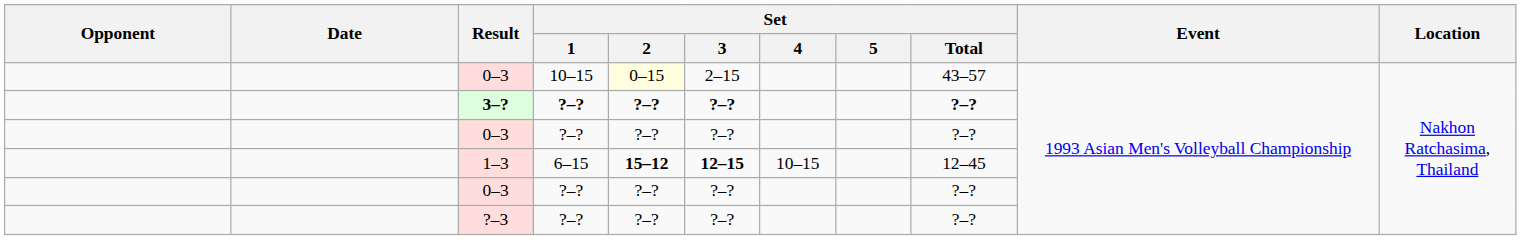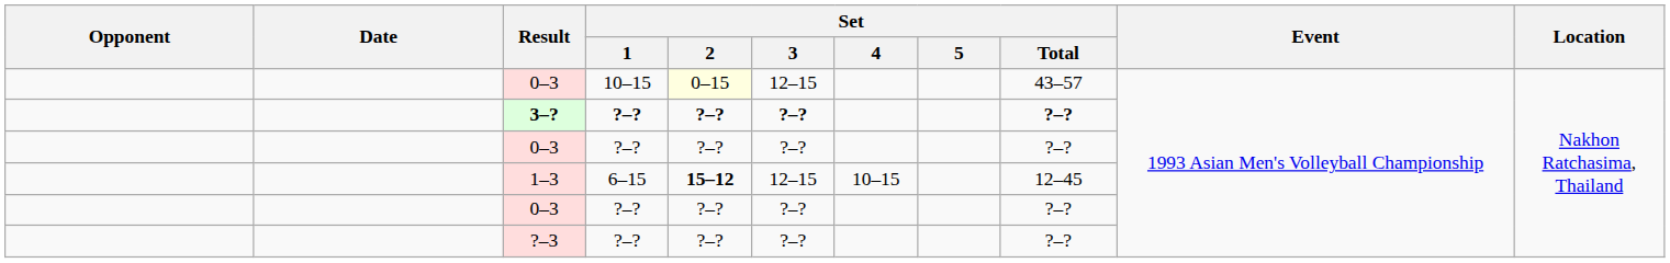 <table class="wikitable" style="font-size: 90%">
 <tr>
 <th rowspan=2 width=15%>Opponent</th>
 <th rowspan=2 width=15%>Date</th>
 <th rowspan=2 width=5%>Result</th>
 <th colspan=6>Set</th>
 <th rowspan=2 width=24%>Event</th>
 <th rowspan=2 width=16%>Location</th>
 </tr>
 <tr>
 <th width=5%>1</th>
 <th width=5%>2</th>
 <th width=5%>3</th>
 <th width=5%>4</th>
 <th width=5%>5</th>
 <th width=7%>Total</th>
 </tr>
 <tr style="text-align:center;">
 <td style="text-align:left;"></td>
 <td></td>
 <td style="background:#ffdddd;">0–3</td>
 <td>10–15</td>
 <td style="background: lightyellow;">0–15</td>
-<td>2–15</td>
+<td>12–15</td>
 <td></td>
 <td></td>
 <td>43–57</td>
 <td rowspan=6><a href='#'>1993 Asian Men's Volleyball Championship</a></td>
 <td rowspan=6><a href='#'>Nakhon Ratchasima</a>, <a href='#'>Thailand</a></td>
 </tr>
 <tr style="text-align:center;">
 <td style="text-align:left;"></td>
 <td></td>
 <td style="background:#ddffdd;"><strong>3–?</strong></td>
 <td><strong>?–?</strong></td>
 <td><strong>?–?</strong></td>
 <td><strong>?–?</strong></td>
 <td></td>
 <td></td>
 <td><strong>?–?</strong></td>
 </tr>
 <tr style="text-align:center;">
 <td style="text-align:left;"></td>
 <td></td>
 <td style="background:#ffdddd;">0–3</td>
 <td>?–?</td>
 <td>?–?</td>
 <td>?–?</td>
 <td></td>
 <td></td>
 <td>?–?</td>
 </tr>
 <tr style="text-align:center;">
 <td style="text-align:left;"></td>
 <td></td>
 <td style="background:#ffdddd;">1–3</td>
 <td>6–15</td>
 <td><strong>15–12</strong></td>
-<td><strong>12–15</strong></td>
+<td>12–15</td>
 <td>10–15</td>
 <td></td>
 <td>12–45</td>
 </tr>
 <tr style="text-align:center;">
 <td style="text-align:left;"></td>
 <td></td>
 <td style="background:#ffdddd;">0–3</td>
 <td>?–?</td>
 <td>?–?</td>
 <td>?–?</td>
 <td></td>
 <td></td>
 <td>?–?</td>
 </tr>
 <tr style="text-align:center;">
 <td style="text-align:left;"></td>
 <td></td>
 <td style="background:#ffdddd;">?–3</td>
 <td>?–?</td>
 <td>?–?</td>
 <td>?–?</td>
 <td></td>
 <td></td>
 <td>?–?</td>
 </tr>
 </table>
